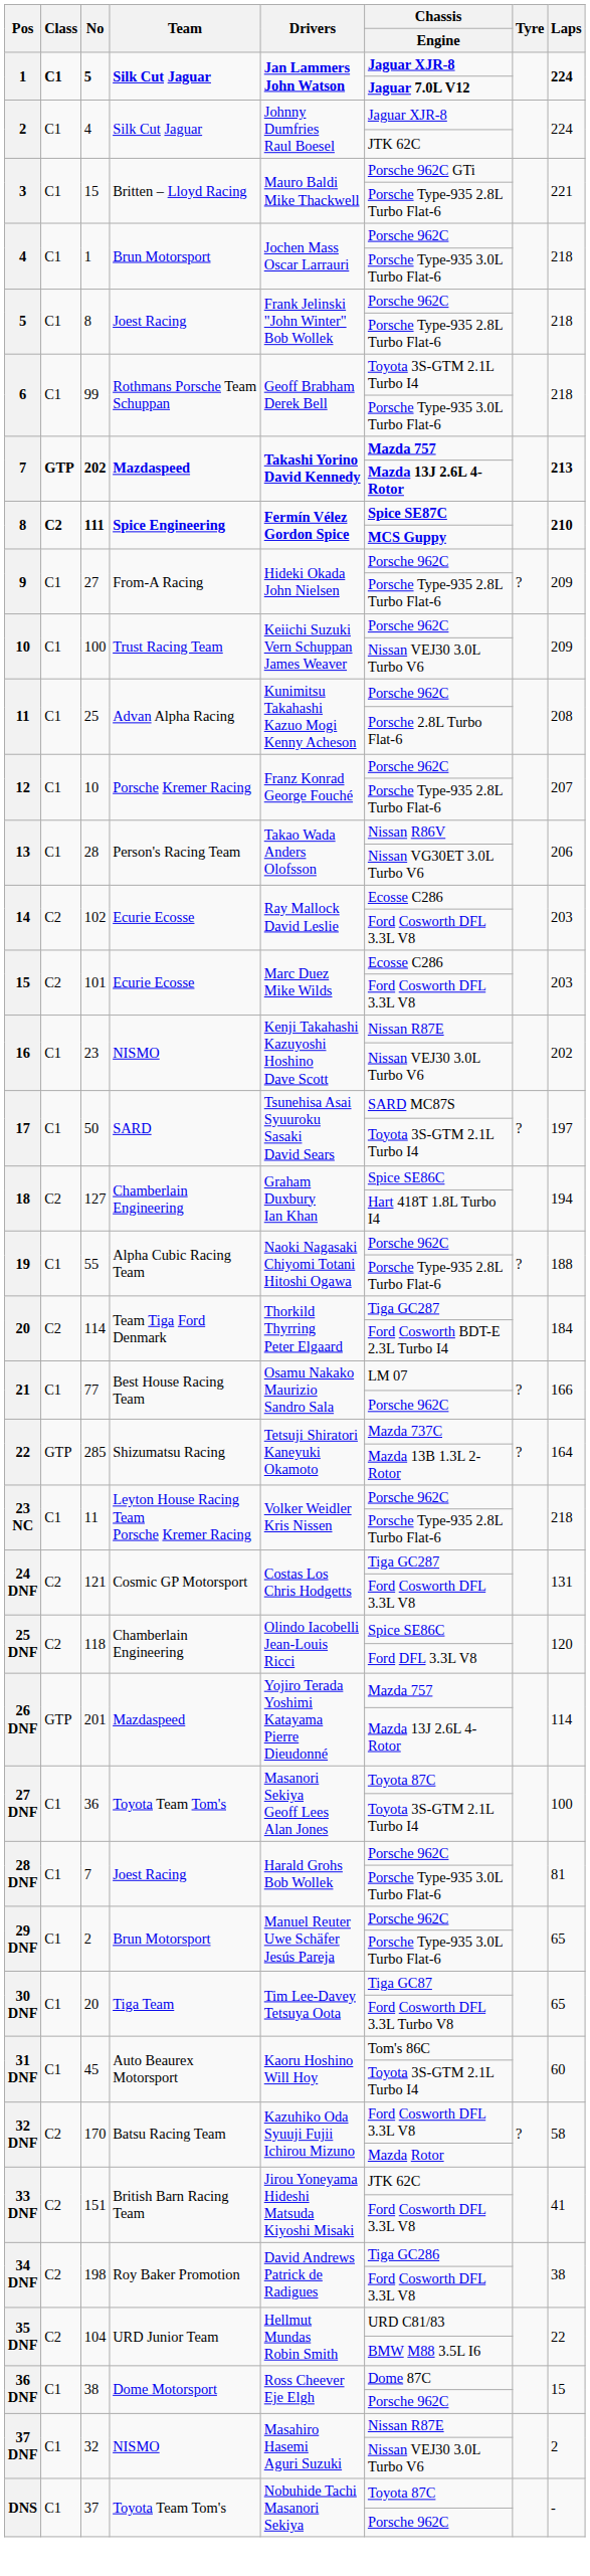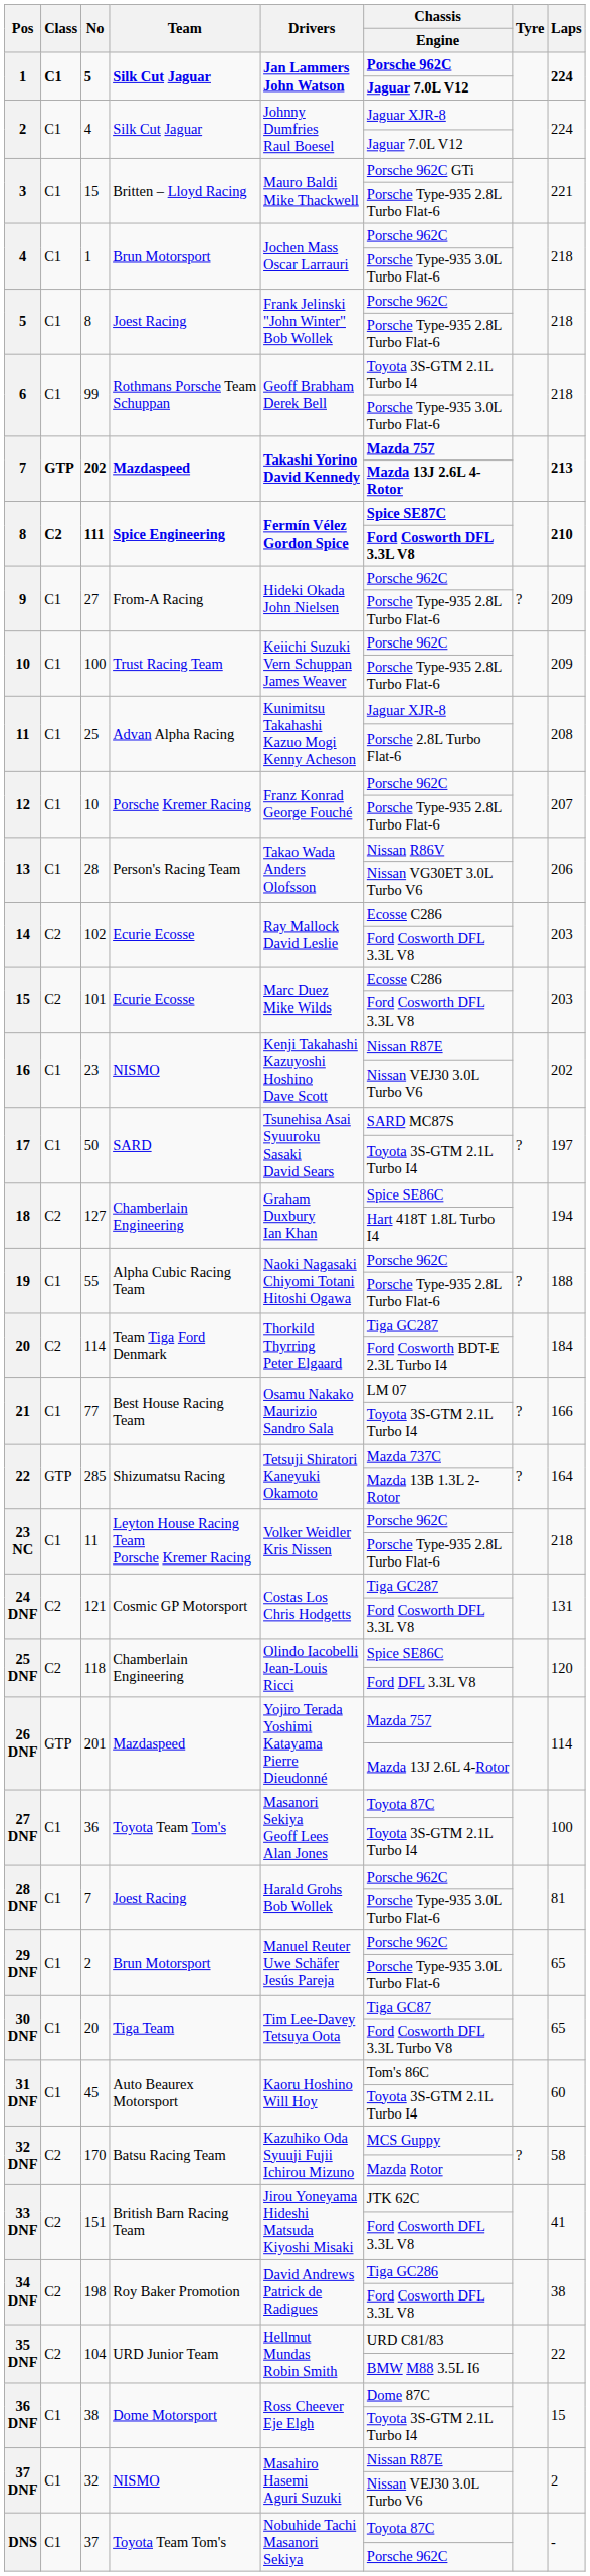 <table class="wikitable" style="font-size: 95%;">
 <tr>
 <th rowspan=2>Pos</th>
 <th rowspan=2>Class</th>
 <th rowspan=2>No</th>
 <th rowspan=2>Team</th>
 <th rowspan=2>Drivers</th>
 <th>Chassis</th>
 <th rowspan=2>Tyre</th>
 <th rowspan=2>Laps</th>
 </tr>
 <tr>
 <th>Engine</th>
 </tr>
 <tr style="font-weight:bold">
 <th rowspan=2>1</th>
 <td rowspan=2>C1</td>
 <td rowspan=2>5</td>
 <td rowspan=2> <a href='#'>Silk Cut</a> <a href='#'>Jaguar</a></td>
 <td rowspan=2> <a href='#'>Jan Lammers</a><br> <a href='#'>John Watson</a></td>
-<td><a href='#'>Jaguar XJR-8</a></td>
+<td><a href='#'>Porsche 962C</a></td>
 <td rowspan=2></td>
 <td rowspan=2>224</td>
 </tr>
 <tr style="font-weight:bold">
 <td><a href='#'>Jaguar</a> 7.0L V12</td>
 </tr>
 <tr>
 <th rowspan=2>2</th>
 <td rowspan=2>C1</td>
 <td rowspan=2>4</td>
 <td rowspan=2> <a href='#'>Silk Cut</a> <a href='#'>Jaguar</a></td>
 <td rowspan=2> <a href='#'>Johnny Dumfries</a><br> <a href='#'>Raul Boesel</a></td>
 <td><a href='#'>Jaguar XJR-8</a></td>
 <td rowspan=2></td>
 <td rowspan=2>224</td>
 </tr>
 <tr>
-<td>JTK 62C</td>
+<td><a href='#'>Jaguar</a> 7.0L V12</td>
 </tr>
 <tr>
 <th rowspan=2>3</th>
 <td rowspan=2>C1</td>
 <td rowspan=2>15</td>
 <td rowspan=2> Britten – <a href='#'>Lloyd Racing</a></td>
 <td rowspan=2> <a href='#'>Mauro Baldi</a><br> <a href='#'>Mike Thackwell</a></td>
 <td><a href='#'>Porsche 962C</a> GTi</td>
 <td rowspan=2></td>
 <td rowspan=2>221</td>
 </tr>
 <tr>
 <td><a href='#'>Porsche</a> Type-935 2.8L Turbo Flat-6</td>
 </tr>
 <tr>
 <th rowspan=2>4</th>
 <td rowspan=2>C1</td>
 <td rowspan=2>1</td>
 <td rowspan=2> <a href='#'>Brun Motorsport</a></td>
 <td rowspan=2> <a href='#'>Jochen Mass</a><br> <a href='#'>Oscar Larrauri</a></td>
 <td><a href='#'>Porsche 962C</a></td>
 <td rowspan=2></td>
 <td rowspan=2>218</td>
 </tr>
 <tr>
 <td><a href='#'>Porsche</a> Type-935 3.0L Turbo Flat-6</td>
 </tr>
 <tr>
 <th rowspan=2>5</th>
 <td rowspan=2>C1</td>
 <td rowspan=2>8</td>
 <td rowspan=2> <a href='#'>Joest Racing</a></td>
 <td rowspan=2> <a href='#'>Frank Jelinski</a><br> <a href='#'>"John Winter"</a><br> <a href='#'>Bob Wollek</a></td>
 <td><a href='#'>Porsche 962C</a></td>
 <td rowspan=2></td>
 <td rowspan=2>218</td>
 </tr>
 <tr>
 <td><a href='#'>Porsche</a> Type-935 2.8L Turbo Flat-6</td>
 </tr>
 <tr>
 <th rowspan=2>6</th>
 <td rowspan=2>C1</td>
 <td rowspan=2>99</td>
 <td rowspan=2> <a href='#'>Rothmans Porsche</a> Team <a href='#'>Schuppan</a></td>
 <td rowspan=2> <a href='#'>Geoff Brabham</a><br> <a href='#'>Derek Bell</a></td>
 <td><a href='#'>Toyota</a> 3S-GTM 2.1L Turbo I4</td>
 <td rowspan=2></td>
 <td rowspan=2>218</td>
 </tr>
 <tr>
 <td><a href='#'>Porsche</a> Type-935 3.0L Turbo Flat-6</td>
 </tr>
 <tr style="font-weight:bold">
 <th rowspan=2>7</th>
 <td rowspan=2>GTP</td>
 <td rowspan=2>202</td>
 <td rowspan=2> <a href='#'>Mazdaspeed</a></td>
 <td rowspan=2> <a href='#'>Takashi Yorino</a><br> <a href='#'>David Kennedy</a></td>
 <td><a href='#'>Mazda 757</a></td>
 <td rowspan=2></td>
 <td rowspan=2>213</td>
 </tr>
 <tr style="font-weight:bold">
 <td><a href='#'>Mazda</a> 13J 2.6L 4-<a href='#'>Rotor</a></td>
 </tr>
 <tr style="font-weight:bold">
 <th rowspan=2>8</th>
 <td rowspan=2>C2</td>
 <td rowspan=2>111</td>
 <td rowspan=2> <a href='#'>Spice Engineering</a></td>
 <td rowspan=2> <a href='#'>Fermín Vélez</a><br> <a href='#'>Gordon Spice</a></td>
 <td><a href='#'>Spice SE87C</a></td>
 <td rowspan=2></td>
 <td rowspan=2>210</td>
 </tr>
 <tr style="font-weight:bold">
-<td><a href='#'>MCS Guppy</a></td>
+<td><a href='#'>Ford</a> <a href='#'>Cosworth DFL</a> 3.3L V8</td>
 </tr>
 <tr>
 <th rowspan=2>9</th>
 <td rowspan=2>C1</td>
 <td rowspan=2>27</td>
 <td rowspan=2> From-A Racing</td>
 <td rowspan=2> <a href='#'>Hideki Okada</a><br> <a href='#'>John Nielsen</a></td>
 <td><a href='#'>Porsche 962C</a></td>
 <td rowspan=2>?</td>
 <td rowspan=2>209</td>
 </tr>
 <tr>
 <td><a href='#'>Porsche</a> Type-935 2.8L Turbo Flat-6</td>
 </tr>
 <tr>
 <th rowspan=2>10</th>
 <td rowspan=2>C1</td>
 <td rowspan=2>100</td>
 <td rowspan=2> <a href='#'>Trust Racing Team</a></td>
 <td rowspan=2> <a href='#'>Keiichi Suzuki</a><br> <a href='#'>Vern Schuppan</a><br> <a href='#'>James Weaver</a></td>
 <td><a href='#'>Porsche 962C</a></td>
 <td rowspan=2></td>
 <td rowspan=2>209</td>
 </tr>
 <tr>
-<td><a href='#'>Nissan</a> VEJ30 3.0L Turbo V6</td>
+<td><a href='#'>Porsche</a> Type-935 2.8L Turbo Flat-6</td>
 </tr>
 <tr>
 <th rowspan=2>11</th>
 <td rowspan=2>C1</td>
 <td rowspan=2>25</td>
 <td rowspan=2> <a href='#'>Advan</a> Alpha Racing</td>
 <td rowspan=2> <a href='#'>Kunimitsu Takahashi</a><br> <a href='#'>Kazuo Mogi</a><br> <a href='#'>Kenny Acheson</a></td>
-<td><a href='#'>Porsche 962C</a></td>
+<td><a href='#'>Jaguar XJR-8</a></td>
 <td rowspan=2></td>
 <td rowspan=2>208</td>
 </tr>
 <tr>
 <td><a href='#'>Porsche</a> 2.8L Turbo Flat-6</td>
 </tr>
 <tr>
 <th rowspan=2>12</th>
 <td rowspan=2>C1</td>
 <td rowspan=2>10</td>
 <td rowspan=2> <a href='#'>Porsche</a> <a href='#'>Kremer Racing</a></td>
 <td rowspan=2> <a href='#'>Franz Konrad</a><br> <a href='#'>George Fouché</a></td>
 <td><a href='#'>Porsche 962C</a></td>
 <td rowspan=2></td>
 <td rowspan=2>207</td>
 </tr>
 <tr>
 <td><a href='#'>Porsche</a> Type-935 2.8L Turbo Flat-6</td>
 </tr>
 <tr>
 <th rowspan=2>13</th>
 <td rowspan=2>C1</td>
 <td rowspan=2>28</td>
 <td rowspan=2> Person's Racing Team</td>
 <td rowspan=2> <a href='#'>Takao Wada</a><br> <a href='#'>Anders Olofsson</a></td>
 <td><a href='#'>Nissan</a> <a href='#'>R86V</a></td>
 <td rowspan=2></td>
 <td rowspan=2>206</td>
 </tr>
 <tr>
 <td><a href='#'>Nissan</a> VG30ET 3.0L Turbo V6</td>
 </tr>
 <tr>
 <th rowspan=2>14</th>
 <td rowspan=2>C2</td>
 <td rowspan=2>102</td>
 <td rowspan=2> <a href='#'>Ecurie Ecosse</a></td>
 <td rowspan=2> <a href='#'>Ray Mallock</a><br> <a href='#'>David Leslie</a></td>
 <td><a href='#'>Ecosse</a> C286</td>
 <td rowspan=2></td>
 <td rowspan=2>203</td>
 </tr>
 <tr>
 <td><a href='#'>Ford</a> <a href='#'>Cosworth DFL</a> 3.3L V8</td>
 </tr>
 <tr>
 <th rowspan=2>15</th>
 <td rowspan=2>C2</td>
 <td rowspan=2>101</td>
 <td rowspan=2> <a href='#'>Ecurie Ecosse</a></td>
 <td rowspan=2> <a href='#'>Marc Duez</a><br> <a href='#'>Mike Wilds</a></td>
 <td><a href='#'>Ecosse</a> C286</td>
 <td rowspan=2></td>
 <td rowspan=2>203</td>
 </tr>
 <tr>
 <td><a href='#'>Ford</a> <a href='#'>Cosworth DFL</a> 3.3L V8</td>
 </tr>
 <tr>
 <th rowspan=2>16</th>
 <td rowspan=2>C1</td>
 <td rowspan=2>23</td>
 <td rowspan=2> <a href='#'>NISMO</a></td>
 <td rowspan=2> <a href='#'>Kenji Takahashi</a><br> <a href='#'>Kazuyoshi Hoshino</a><br> <a href='#'>Dave Scott</a></td>
 <td><a href='#'>Nissan R87E</a></td>
 <td rowspan=2></td>
 <td rowspan=2>202</td>
 </tr>
 <tr>
 <td><a href='#'>Nissan</a> VEJ30 3.0L Turbo V6</td>
 </tr>
 <tr>
 <th rowspan=2>17</th>
 <td rowspan=2>C1</td>
 <td rowspan=2>50</td>
 <td rowspan=2> <a href='#'>SARD</a></td>
 <td rowspan=2> <a href='#'>Tsunehisa Asai</a><br> <a href='#'>Syuuroku Sasaki</a><br> <a href='#'>David Sears</a></td>
 <td><a href='#'>SARD</a> MC87S</td>
 <td rowspan=2>?</td>
 <td rowspan=2>197</td>
 </tr>
 <tr>
 <td><a href='#'>Toyota</a> 3S-GTM 2.1L Turbo I4</td>
 </tr>
 <tr>
 <th rowspan=2>18</th>
 <td rowspan=2>C2</td>
 <td rowspan=2>127</td>
 <td rowspan=2> <a href='#'>Chamberlain Engineering</a></td>
 <td rowspan=2> <a href='#'>Graham Duxbury</a><br> <a href='#'>Ian Khan</a></td>
 <td><a href='#'>Spice SE86C</a></td>
 <td rowspan=2></td>
 <td rowspan=2>194</td>
 </tr>
 <tr>
 <td><a href='#'>Hart</a> 418T 1.8L Turbo I4</td>
 </tr>
 <tr>
 <th rowspan=2>19</th>
 <td rowspan=2>C1</td>
 <td rowspan=2>55</td>
 <td rowspan=2> Alpha Cubic Racing Team</td>
 <td rowspan=2> <a href='#'>Naoki Nagasaki</a><br> <a href='#'>Chiyomi Totani</a><br> <a href='#'>Hitoshi Ogawa</a></td>
 <td><a href='#'>Porsche 962C</a></td>
 <td rowspan=2>?</td>
 <td rowspan=2>188</td>
 </tr>
 <tr>
 <td><a href='#'>Porsche</a> Type-935 2.8L Turbo Flat-6</td>
 </tr>
 <tr>
 <th rowspan=2>20</th>
 <td rowspan=2>C2</td>
 <td rowspan=2>114</td>
 <td rowspan=2> Team <a href='#'>Tiga</a> <a href='#'>Ford</a> Denmark</td>
 <td rowspan=2> <a href='#'>Thorkild Thyrring</a><br> <a href='#'>Peter Elgaard</a></td>
 <td><a href='#'>Tiga GC287</a></td>
 <td rowspan=2></td>
 <td rowspan=2>184</td>
 </tr>
 <tr>
 <td><a href='#'>Ford</a> <a href='#'>Cosworth</a> BDT-E 2.3L Turbo I4</td>
 </tr>
 <tr>
 <th rowspan=2>21</th>
 <td rowspan=2>C1</td>
 <td rowspan=2>77</td>
 <td rowspan=2> Best House Racing Team</td>
 <td rowspan=2> <a href='#'>Osamu Nakako</a><br> <a href='#'>Maurizio Sandro Sala</a></td>
 <td>LM 07</td>
 <td rowspan=2>?</td>
 <td rowspan=2>166</td>
 </tr>
 <tr>
-<td><a href='#'>Porsche 962C</a></td>
+<td><a href='#'>Toyota</a> 3S-GTM 2.1L Turbo I4</td>
 </tr>
 <tr>
 <th rowspan=2>22</th>
 <td rowspan=2>GTP</td>
 <td rowspan=2>285</td>
 <td rowspan=2> Shizumatsu Racing</td>
 <td rowspan=2> <a href='#'>Tetsuji Shiratori</a><br> <a href='#'>Kaneyuki Okamoto</a></td>
 <td><a href='#'>Mazda 737C</a></td>
 <td rowspan=2>?</td>
 <td rowspan=2>164</td>
 </tr>
 <tr>
 <td><a href='#'>Mazda</a> 13B 1.3L 2-<a href='#'>Rotor</a></td>
 </tr>
 <tr>
 <th rowspan=2>23<br>NC</th>
 <td rowspan=2>C1</td>
 <td rowspan=2>11</td>
 <td rowspan=2> <a href='#'>Leyton House Racing Team</a><br> <a href='#'>Porsche</a> <a href='#'>Kremer Racing</a></td>
 <td rowspan=2> <a href='#'>Volker Weidler</a><br> <a href='#'>Kris Nissen</a></td>
 <td><a href='#'>Porsche 962C</a></td>
 <td rowspan=2></td>
 <td rowspan=2>218</td>
 </tr>
 <tr>
 <td><a href='#'>Porsche</a> Type-935 2.8L Turbo Flat-6</td>
 </tr>
 <tr>
 <th rowspan=2>24<br>DNF</th>
 <td rowspan=2>C2</td>
 <td rowspan=2>121</td>
 <td rowspan=2> Cosmic GP Motorsport</td>
 <td rowspan=2> <a href='#'>Costas Los</a><br> <a href='#'>Chris Hodgetts</a></td>
 <td><a href='#'>Tiga GC287</a></td>
 <td rowspan=2></td>
 <td rowspan=2>131</td>
 </tr>
 <tr>
 <td><a href='#'>Ford</a> <a href='#'>Cosworth DFL</a> 3.3L V8</td>
 </tr>
 <tr>
 <th rowspan=2>25<br>DNF</th>
 <td rowspan=2>C2</td>
 <td rowspan=2>118</td>
 <td rowspan=2> Chamberlain Engineering</td>
 <td rowspan=2> <a href='#'>Olindo Iacobelli</a><br> <a href='#'>Jean-Louis Ricci</a></td>
 <td><a href='#'>Spice SE86C</a></td>
 <td rowspan=2></td>
 <td rowspan=2>120</td>
 </tr>
 <tr>
 <td><a href='#'>Ford</a> <a href='#'>DFL</a> 3.3L V8</td>
 </tr>
 <tr>
 <th rowspan=2>26<br>DNF</th>
 <td rowspan=2>GTP</td>
 <td rowspan=2>201</td>
 <td rowspan=2> <a href='#'>Mazdaspeed</a></td>
 <td rowspan=2> <a href='#'>Yojiro Terada</a><br> <a href='#'>Yoshimi Katayama</a><br> <a href='#'>Pierre Dieudonné</a></td>
 <td><a href='#'>Mazda 757</a></td>
 <td rowspan=2></td>
 <td rowspan=2>114</td>
 </tr>
 <tr>
 <td><a href='#'>Mazda</a> 13J 2.6L 4-<a href='#'>Rotor</a></td>
 </tr>
 <tr>
 <th rowspan=2>27<br>DNF</th>
 <td rowspan=2>C1</td>
 <td rowspan=2>36</td>
 <td rowspan=2> <a href='#'>Toyota</a> Team <a href='#'>Tom's</a></td>
 <td rowspan=2> <a href='#'>Masanori Sekiya</a><br> <a href='#'>Geoff Lees</a><br> <a href='#'>Alan Jones</a></td>
 <td><a href='#'>Toyota 87C</a></td>
 <td rowspan=2></td>
 <td rowspan=2>100</td>
 </tr>
 <tr>
 <td><a href='#'>Toyota</a> 3S-GTM 2.1L Turbo I4</td>
 </tr>
 <tr>
 <th rowspan=2>28<br>DNF</th>
 <td rowspan=2>C1</td>
 <td rowspan=2>7</td>
 <td rowspan=2> <a href='#'>Joest Racing</a></td>
 <td rowspan=2> <a href='#'>Harald Grohs</a><br> <a href='#'>Bob Wollek</a></td>
 <td><a href='#'>Porsche 962C</a></td>
 <td rowspan=2></td>
 <td rowspan=2>81</td>
 </tr>
 <tr>
 <td><a href='#'>Porsche</a> Type-935 3.0L Turbo Flat-6</td>
 </tr>
 <tr>
 <th rowspan=2>29<br>DNF</th>
 <td rowspan=2>C1</td>
 <td rowspan=2>2</td>
 <td rowspan=2> <a href='#'>Brun Motorsport</a></td>
 <td rowspan=2> <a href='#'>Manuel Reuter</a><br> <a href='#'>Uwe Schäfer</a><br> <a href='#'>Jesús Pareja</a></td>
 <td><a href='#'>Porsche 962C</a></td>
 <td rowspan=2></td>
 <td rowspan=2>65</td>
 </tr>
 <tr>
 <td><a href='#'>Porsche</a> Type-935 3.0L Turbo Flat-6</td>
 </tr>
 <tr>
 <th rowspan=2>30<br>DNF</th>
 <td rowspan=2>C1</td>
 <td rowspan=2>20</td>
 <td rowspan=2> <a href='#'>Tiga Team</a></td>
 <td rowspan=2> <a href='#'>Tim Lee-Davey</a><br> <a href='#'>Tetsuya Oota</a></td>
 <td><a href='#'>Tiga GC87</a></td>
 <td rowspan=2></td>
 <td rowspan=2>65</td>
 </tr>
 <tr>
 <td><a href='#'>Ford</a> <a href='#'>Cosworth DFL</a> 3.3L Turbo V8</td>
 </tr>
 <tr>
 <th rowspan=2>31<br>DNF</th>
 <td rowspan=2>C1</td>
 <td rowspan=2>45</td>
 <td rowspan=2> Auto Beaurex Motorsport</td>
 <td rowspan=2> <a href='#'>Kaoru Hoshino</a><br> <a href='#'>Will Hoy</a></td>
 <td>Tom's 86C</td>
 <td rowspan=2></td>
 <td rowspan=2>60</td>
 </tr>
 <tr>
 <td><a href='#'>Toyota</a> 3S-GTM 2.1L Turbo I4</td>
 </tr>
 <tr>
 <th rowspan=2>32<br>DNF</th>
 <td rowspan=2>C2</td>
 <td rowspan=2>170</td>
 <td rowspan=2> Batsu Racing Team</td>
 <td rowspan=2> <a href='#'>Kazuhiko Oda</a><br> <a href='#'>Syuuji Fujii</a><br> <a href='#'>Ichirou Mizuno</a></td>
-<td><a href='#'>Ford</a> <a href='#'>Cosworth DFL</a> 3.3L V8</td>
+<td><a href='#'>MCS Guppy</a></td>
 <td rowspan=2>?</td>
 <td rowspan=2>58</td>
 </tr>
 <tr>
 <td><a href='#'>Mazda</a> <a href='#'>Rotor</a></td>
 </tr>
 <tr>
 <th rowspan=2>33<br>DNF</th>
 <td rowspan=2>C2</td>
 <td rowspan=2>151</td>
 <td rowspan=2> British Barn Racing Team</td>
 <td rowspan=2> <a href='#'>Jirou Yoneyama</a><br> <a href='#'>Hideshi Matsuda</a><br> <a href='#'>Kiyoshi Misaki</a></td>
 <td>JTK 62C</td>
 <td rowspan=2></td>
 <td rowspan=2>41</td>
 </tr>
 <tr>
 <td><a href='#'>Ford</a> <a href='#'>Cosworth DFL</a> 3.3L V8</td>
 </tr>
 <tr>
 <th rowspan=2>34<br>DNF</th>
 <td rowspan=2>C2</td>
 <td rowspan=2>198</td>
 <td rowspan=2> Roy Baker Promotion</td>
 <td rowspan=2> <a href='#'>David Andrews</a><br> <a href='#'>Patrick de Radigues</a></td>
 <td><a href='#'>Tiga GC286</a></td>
 <td rowspan=2></td>
 <td rowspan=2>38</td>
 </tr>
 <tr>
 <td><a href='#'>Ford</a> <a href='#'>Cosworth DFL</a> 3.3L V8</td>
 </tr>
 <tr>
 <th rowspan=2>35<br>DNF</th>
 <td rowspan=2>C2</td>
 <td rowspan=2>104</td>
 <td rowspan=2> URD Junior Team</td>
 <td rowspan=2> <a href='#'>Hellmut Mundas</a><br> <a href='#'>Robin Smith</a></td>
 <td>URD C81/83</td>
 <td rowspan=2></td>
 <td rowspan=2>22</td>
 </tr>
 <tr>
 <td><a href='#'>BMW</a> <a href='#'>M88</a> 3.5L I6</td>
 </tr>
 <tr>
 <th rowspan=2>36<br>DNF</th>
 <td rowspan=2>C1</td>
 <td rowspan=2>38</td>
 <td rowspan=2> <a href='#'>Dome Motorsport</a></td>
 <td rowspan=2> <a href='#'>Ross Cheever</a><br> <a href='#'>Eje Elgh</a></td>
 <td><a href='#'>Dome</a> 87C</td>
 <td rowspan=2></td>
 <td rowspan=2>15</td>
 </tr>
 <tr>
-<td><a href='#'>Porsche 962C</a></td>
+<td><a href='#'>Toyota</a> 3S-GTM 2.1L Turbo I4</td>
 </tr>
 <tr>
 <th rowspan=2>37<br>DNF</th>
 <td rowspan=2>C1</td>
 <td rowspan=2>32</td>
 <td rowspan=2> <a href='#'>NISMO</a></td>
 <td rowspan=2> <a href='#'>Masahiro Hasemi</a><br> <a href='#'>Aguri Suzuki</a></td>
 <td><a href='#'>Nissan R87E</a></td>
 <td rowspan=2></td>
 <td rowspan=2>2</td>
 </tr>
 <tr>
 <td><a href='#'>Nissan</a> VEJ30 3.0L Turbo V6</td>
 </tr>
 <tr>
 <th rowspan=2>DNS</th>
 <td rowspan=2>C1</td>
 <td rowspan=2>37</td>
 <td rowspan=2> <a href='#'>Toyota</a> Team Tom's</td>
 <td rowspan=2> <a href='#'>Nobuhide Tachi</a><br> <a href='#'>Masanori Sekiya</a></td>
 <td><a href='#'>Toyota 87C</a></td>
 <td rowspan=2></td>
 <td rowspan=2>-</td>
 </tr>
 <tr>
 <td><a href='#'>Porsche 962C</a></td>
 </tr>
 </table>
